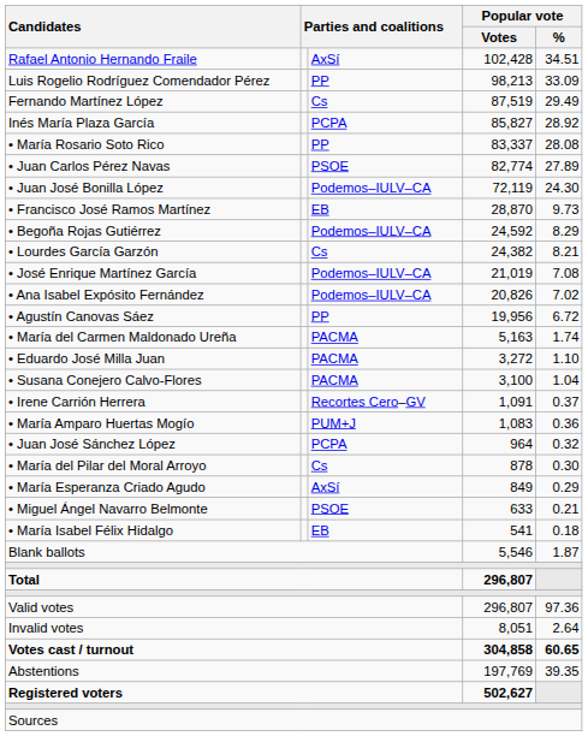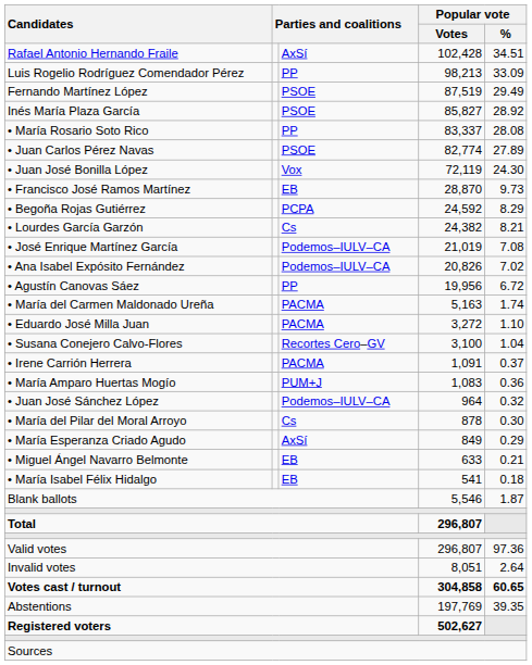 <table class="wikitable" style="text-align:right; font-size:95%;">
 <tr>
 <th style="text-align:left;" rowspan="2" width="325">Candidates</th>
 <th style="text-align:left;" rowspan="2" colspan="2" width="175">Parties and coalitions</th>
 <th colspan="2">Popular vote</th>
 </tr>
 <tr>
 <th width="75">Votes</th>
 <th width="45">%</th>
 </tr>
 <tr>
 <td align="left"> <a href='#'>Rafael Antonio Hernando Fraile</a></td>
 <td width="1" style="color:inherit;background:"></td>
 <td align="left"><a href='#'>AxSí</a></td>
 <td>102,428</td>
 <td>34.51</td>
 </tr>
 <tr>
 <td align="left"> Luis Rogelio Rodríguez Comendador Pérez</td>
 <td style="color:inherit;background:"></td>
 <td align="left"><a href='#'>PP</a></td>
 <td>98,213</td>
 <td>33.09</td>
 </tr>
 <tr>
 <td align="left"> Fernando Martínez López</td>
 <td style="color:inherit;background:"></td>
-<td align="left"><a href='#'>Cs</a></td>
+<td align="left"><a href='#'>PSOE</a></td>
 <td>87,519</td>
 <td>29.49</td>
 </tr>
 <tr>
 <td align="left"> Inés María Plaza García</td>
 <td style="color:inherit;background:"></td>
-<td align="left"><a href='#'>PCPA</a></td>
+<td align="left"><a href='#'>PSOE</a></td>
 <td>85,827</td>
 <td>28.92</td>
 </tr>
 <tr>
 <td align="left">• María Rosario Soto Rico</td>
 <td style="color:inherit;background:"></td>
 <td align="left"><a href='#'>PP</a></td>
 <td>83,337</td>
 <td>28.08</td>
 </tr>
 <tr>
 <td align="left">• Juan Carlos Pérez Navas</td>
 <td style="color:inherit;background:"></td>
 <td align="left"><a href='#'>PSOE</a></td>
 <td>82,774</td>
 <td>27.89</td>
 </tr>
 <tr>
 <td align="left">• Juan José Bonilla López</td>
 <td style="color:inherit;background:"></td>
-<td align="left"><a href='#'>Podemos–IULV–CA</a></td>
+<td align="left"><a href='#'>Vox</a></td>
 <td>72,119</td>
 <td>24.30</td>
 </tr>
 <tr>
 <td align="left">• Francisco José Ramos Martínez</td>
 <td style="color:inherit;background:"></td>
 <td align="left"><a href='#'>EB</a></td>
 <td>28,870</td>
 <td>9.73</td>
 </tr>
 <tr>
 <td align="left">• Begoña Rojas Gutiérrez</td>
 <td style="color:inherit;background:"></td>
-<td align="left"><a href='#'>Podemos–IULV–CA</a></td>
+<td align="left"><a href='#'>PCPA</a></td>
 <td>24,592</td>
 <td>8.29</td>
 </tr>
 <tr>
 <td align="left">• Lourdes García Garzón</td>
 <td style="color:inherit;background:"></td>
 <td align="left"><a href='#'>Cs</a></td>
 <td>24,382</td>
 <td>8.21</td>
 </tr>
 <tr>
 <td align="left">• José Enrique Martínez García</td>
 <td style="color:inherit;background:"></td>
 <td align="left"><a href='#'>Podemos–IULV–CA</a></td>
 <td>21,019</td>
 <td>7.08</td>
 </tr>
 <tr>
 <td align="left">• Ana Isabel Expósito Fernández</td>
 <td style="color:inherit;background:"></td>
 <td align="left"><a href='#'>Podemos–IULV–CA</a></td>
 <td>20,826</td>
 <td>7.02</td>
 </tr>
 <tr>
 <td align="left">• Agustín Canovas Sáez</td>
 <td style="color:inherit;background:"></td>
 <td align="left"><a href='#'>PP</a></td>
 <td>19,956</td>
 <td>6.72</td>
 </tr>
 <tr>
 <td align="left">• María del Carmen Maldonado Ureña</td>
 <td style="color:inherit;background:"></td>
 <td align="left"><a href='#'>PACMA</a></td>
 <td>5,163</td>
 <td>1.74</td>
 </tr>
 <tr>
 <td align="left">• Eduardo José Milla Juan</td>
 <td style="color:inherit;background:"></td>
 <td align="left"><a href='#'>PACMA</a></td>
 <td>3,272</td>
 <td>1.10</td>
 </tr>
 <tr>
 <td align="left">• Susana Conejero Calvo-Flores</td>
 <td style="color:inherit;background:"></td>
-<td align="left"><a href='#'>PACMA</a></td>
+<td align="left"><a href='#'>Recortes Cero</a>–<a href='#'>GV</a></td>
 <td>3,100</td>
 <td>1.04</td>
 </tr>
 <tr>
 <td align="left">• Irene Carrión Herrera</td>
 <td style="color:inherit;background:"></td>
-<td align="left"><a href='#'>Recortes Cero</a>–<a href='#'>GV</a></td>
+<td align="left"><a href='#'>PACMA</a></td>
 <td>1,091</td>
 <td>0.37</td>
 </tr>
 <tr>
 <td align="left">• María Amparo Huertas Mogío</td>
 <td style="color:inherit;background:"></td>
 <td align="left"><a href='#'>PUM+J</a></td>
 <td>1,083</td>
 <td>0.36</td>
 </tr>
 <tr>
 <td align="left">• Juan José Sánchez López</td>
 <td style="color:inherit;background:"></td>
-<td align="left"><a href='#'>PCPA</a></td>
+<td align="left"><a href='#'>Podemos–IULV–CA</a></td>
 <td>964</td>
 <td>0.32</td>
 </tr>
 <tr>
 <td align="left">• María del Pilar del Moral Arroyo</td>
 <td style="color:inherit;background:"></td>
 <td align="left"><a href='#'>Cs</a></td>
 <td>878</td>
 <td>0.30</td>
 </tr>
 <tr>
 <td align="left">• María Esperanza Criado Agudo</td>
 <td style="color:inherit;background:"></td>
 <td align="left"><a href='#'>AxSí</a></td>
 <td>849</td>
 <td>0.29</td>
 </tr>
 <tr>
 <td align="left">• Miguel Ángel Navarro Belmonte</td>
 <td style="color:inherit;background:"></td>
-<td align="left"><a href='#'>PSOE</a></td>
+<td align="left"><a href='#'>EB</a></td>
 <td>633</td>
 <td>0.21</td>
 </tr>
 <tr>
 <td align="left">• María Isabel Félix Hidalgo</td>
 <td style="color:inherit;background:"></td>
 <td align="left"><a href='#'>EB</a></td>
 <td>541</td>
 <td>0.18</td>
 </tr>
 <tr>
 <td align="left" colspan="3">Blank ballots</td>
 <td>5,546</td>
 <td>1.87</td>
 </tr>
 <tr>
 <td colspan="5" bgcolor="#E9E9E9"></td>
 </tr>
 <tr style="font-weight:bold;">
 <td align="left" colspan="3">Total</td>
 <td>296,807</td>
 <td bgcolor="#E9E9E9"></td>
 </tr>
 <tr>
 <td colspan="5" bgcolor="#E9E9E9"></td>
 </tr>
 <tr>
 <td align="left" colspan="3">Valid votes</td>
 <td>296,807</td>
 <td>97.36</td>
 </tr>
 <tr>
 <td align="left" colspan="3">Invalid votes</td>
 <td>8,051</td>
 <td>2.64</td>
 </tr>
 <tr style="font-weight:bold;">
 <td align="left" colspan="3">Votes cast / turnout</td>
 <td>304,858</td>
 <td>60.65</td>
 </tr>
 <tr>
 <td align="left" colspan="3">Abstentions</td>
 <td>197,769</td>
 <td>39.35</td>
 </tr>
 <tr style="font-weight:bold;">
 <td align="left" colspan="3">Registered voters</td>
 <td>502,627</td>
 <td bgcolor="#E9E9E9"></td>
 </tr>
 <tr>
 <td colspan="5" bgcolor="#E9E9E9"></td>
 </tr>
 <tr>
 <td align="left" colspan="5">Sources</td>
 </tr>
 </table>
